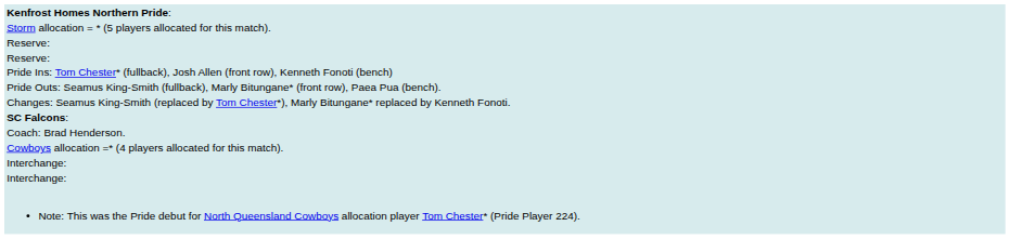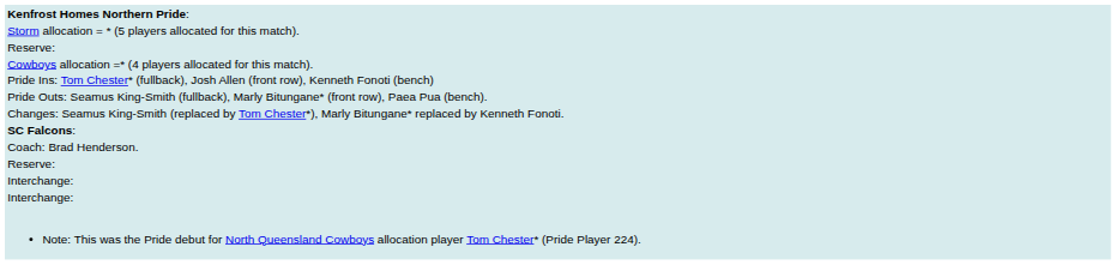 <table style="background:#d7ebed; font-size:85%; width:100%;">
 <tr>
 <td><strong>Kenfrost Homes Northern Pride</strong>:             </td>
 </tr>
 <tr>
 <td><a href='#'>Storm</a> allocation = * (5 players allocated for this match).</td>
 </tr>
 <tr>
 <td>Reserve: </td>
 </tr>
 <tr>
-<td>Reserve: </td>
+<td><a href='#'>Cowboys</a> allocation =* (4 players allocated for this match).</td>
 </tr>
 <tr>
 <td>Pride Ins: <a href='#'>Tom Chester</a>* (fullback), Josh Allen (front row), Kenneth Fonoti (bench)</td>
 </tr>
 <tr>
 <td>Pride Outs: Seamus King-Smith (fullback), Marly Bitungane* (front row), Paea Pua (bench).</td>
 </tr>
 <tr>
 <td>Changes: Seamus King-Smith (replaced by <a href='#'>Tom Chester</a>*), Marly Bitungane* replaced by Kenneth Fonoti.</td>
 </tr>
 <tr>
 <td><strong>SC Falcons</strong>:             </td>
 </tr>
 <tr>
 <td>Coach: Brad Henderson.</td>
 </tr>
 <tr>
-<td><a href='#'>Cowboys</a> allocation =* (4 players allocated for this match).</td>
+<td>Reserve: </td>
 </tr>
 <tr>
 <td>Interchange:    </td>
 </tr>
 <tr>
 <td>Interchange:    </td>
 </tr>
 <tr>
 <td><br><ul><li>Note: This was the Pride debut for <a href='#'>North Queensland Cowboys</a> allocation player <a href='#'>Tom Chester</a>* (Pride Player 224).</li></ul></td>
 </tr>
 </table>
